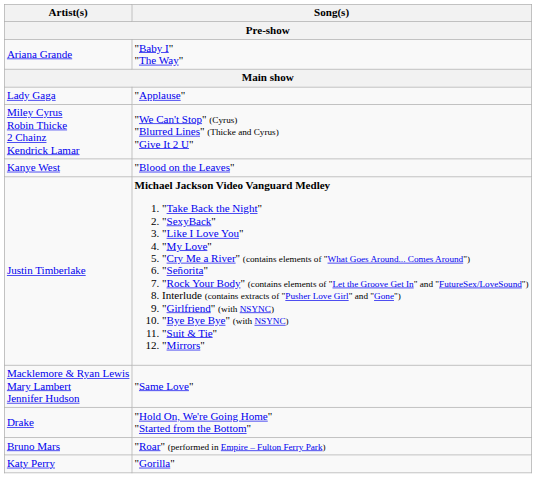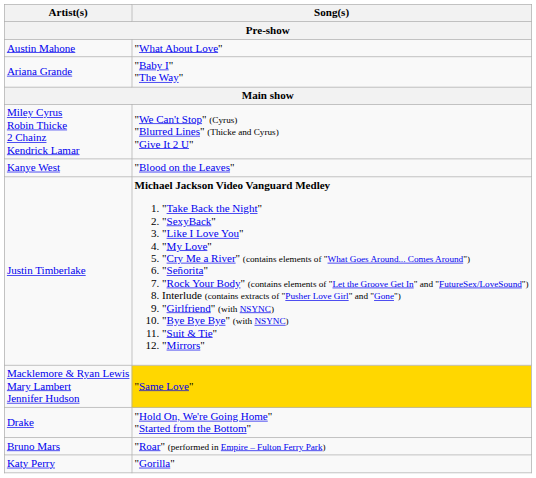 <table class="wikitable">
 <tr>
 <th>Artist(s)</th>
 <th>Song(s)</th>
 </tr>
 <tr>
 <th colspan=2>Pre-show</th>
 </tr>
 <tr>
+<td><a href='#'>Austin Mahone</a></td>
+<td>"<a href='#'>What About Love</a>"</td>
+</tr>
+<tr>
 <td><a href='#'>Ariana Grande</a></td>
 <td>"<a href='#'>Baby I</a>"<br>"<a href='#'>The Way</a>"</td>
 </tr>
 <tr>
 <th colspan=2>Main show</th>
-</tr>
-<tr>
-<td><a href='#'>Lady Gaga</a></td>
-<td>"<a href='#'>Applause</a>"</td>
 </tr>
 <tr>
 <td><a href='#'>Miley Cyrus</a><br><a href='#'>Robin Thicke</a><br><a href='#'>2 Chainz</a><br><a href='#'>Kendrick Lamar</a></td>
 <td>"<a href='#'>We Can't Stop</a>" <small>(Cyrus)</small><br>"<a href='#'>Blurred Lines</a>" <small>(Thicke and Cyrus)</small><br>"<a href='#'>Give It 2 U</a>"</td>
 </tr>
 <tr>
 <td><a href='#'>Kanye West</a></td>
 <td>"<a href='#'>Blood on the Leaves</a>"</td>
 </tr>
 <tr>
 <td><a href='#'>Justin Timberlake</a></td>
 <td><strong>Michael Jackson Video Vanguard Medley</strong><br><ol><li>"<a href='#'>Take Back the Night</a>"</li><li>"<a href='#'>SexyBack</a>"</li><li>"<a href='#'>Like I Love You</a>"</li><li>"<a href='#'>My Love</a>"</li><li>"<a href='#'>Cry Me a River</a>" <small>(contains elements of "<a href='#'>What Goes Around... Comes Around</a>")</small></li><li>"<a href='#'>Señorita</a>"</li><li>"<a href='#'>Rock Your Body</a>" <small>(contains elements of "<a href='#'>Let the Groove Get In</a>" and "<a href='#'>FutureSex/LoveSound</a>")</small></li><li>Interlude <small>(contains extracts of "<a href='#'>Pusher Love Girl</a>" and "<a href='#'>Gone</a>")</small></li><li>"<a href='#'>Girlfriend</a>" <small>(with <a href='#'>NSYNC</a>)</small></li><li>"<a href='#'>Bye Bye Bye</a>" <small>(with <a href='#'>NSYNC</a>)</small></li><li>"<a href='#'>Suit & Tie</a>"</li><li>"<a href='#'>Mirrors</a>"</li></ol></td>
 </tr>
 <tr>
 <td><a href='#'>Macklemore & Ryan Lewis</a><br><a href='#'>Mary Lambert</a><br><a href='#'>Jennifer Hudson</a></td>
-<td>"<a href='#'>Same Love</a>"</td>
+<td style="background: gold;">"<a href='#'>Same Love</a>"</td>
 </tr>
 <tr>
 <td><a href='#'>Drake</a></td>
 <td>"<a href='#'>Hold On, We're Going Home</a>"<br>"<a href='#'>Started from the Bottom</a>"</td>
 </tr>
 <tr>
 <td><a href='#'>Bruno Mars</a></td>
 <td>"<a href='#'>Roar</a>" <small>(performed in <a href='#'>Empire – Fulton Ferry Park</a>)</small></td>
 </tr>
 <tr>
 <td><a href='#'>Katy Perry</a></td>
 <td>"<a href='#'>Gorilla</a>"</td>
 </tr>
 </table>
